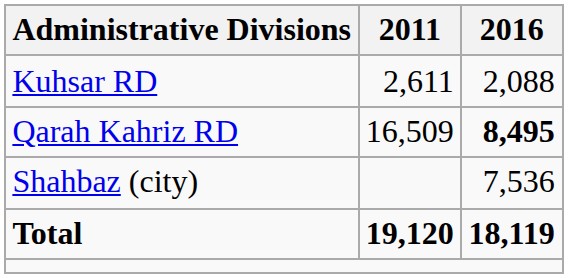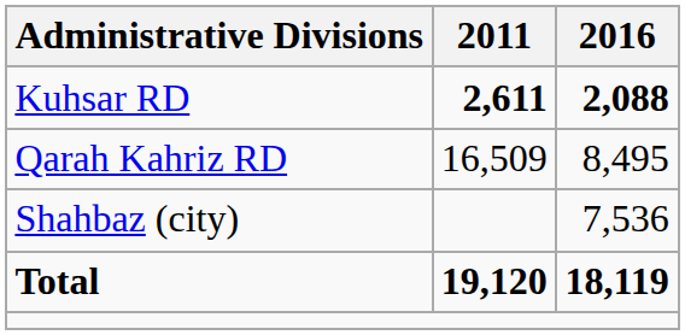 <table class="wikitable">
 <tr>
 <th>Administrative Divisions</th>
 <th>2011</th>
 <th>2016</th>
 </tr>
 <tr>
 <td><a href='#'>Kuhsar RD</a></td>
-<td style="text-align: right;">2,611</td>
-<td style="text-align: right;">2,088</td>
+<td style="text-align: right;"><strong>2,611</strong></td>
+<td style="text-align: right;"><strong>2,088</strong></td>
 </tr>
 <tr>
 <td><a href='#'>Qarah Kahriz RD</a></td>
 <td style="text-align: right;">16,509</td>
-<td style="text-align: right;"><strong>8,495</strong></td>
+<td style="text-align: right;">8,495</td>
 </tr>
 <tr>
 <td><a href='#'>Shahbaz</a> (city)</td>
 <td style="text-align: right;"></td>
 <td style="text-align: right;">7,536</td>
 </tr>
 <tr>
 <td><strong>Total</strong></td>
 <td style="text-align: right;"><strong>19,120</strong></td>
 <td style="text-align: right;"><strong>18,119</strong></td>
 </tr>
 <tr>
 <td colspan=4></td>
 </tr>
 </table>
